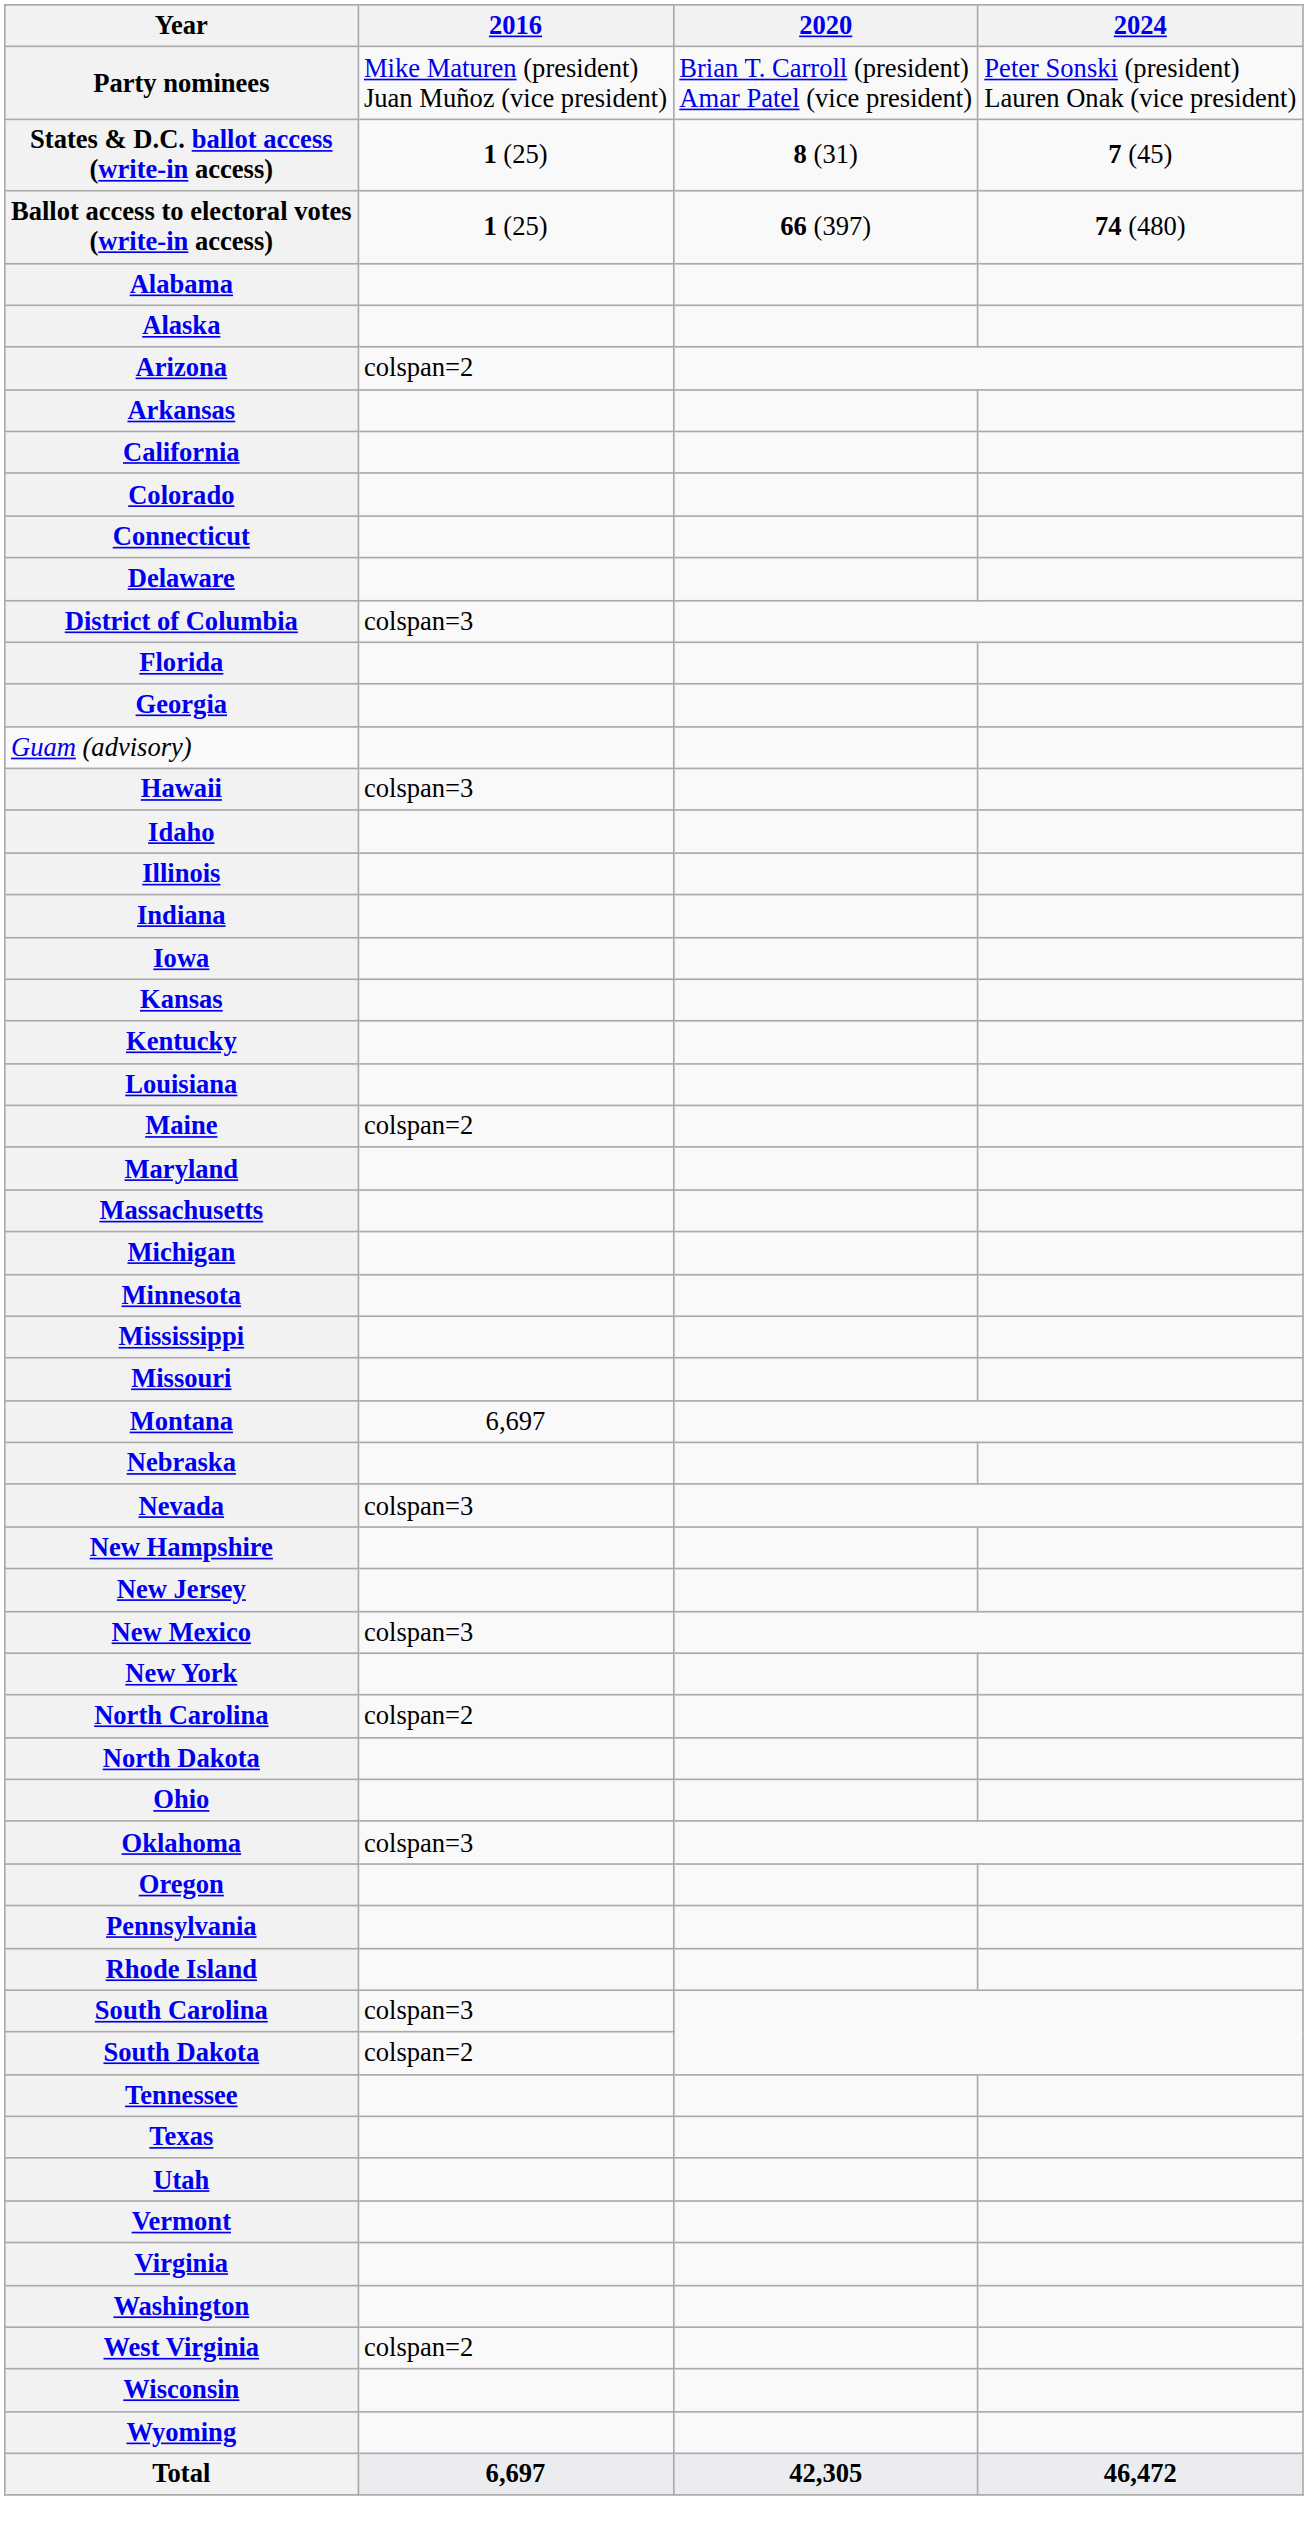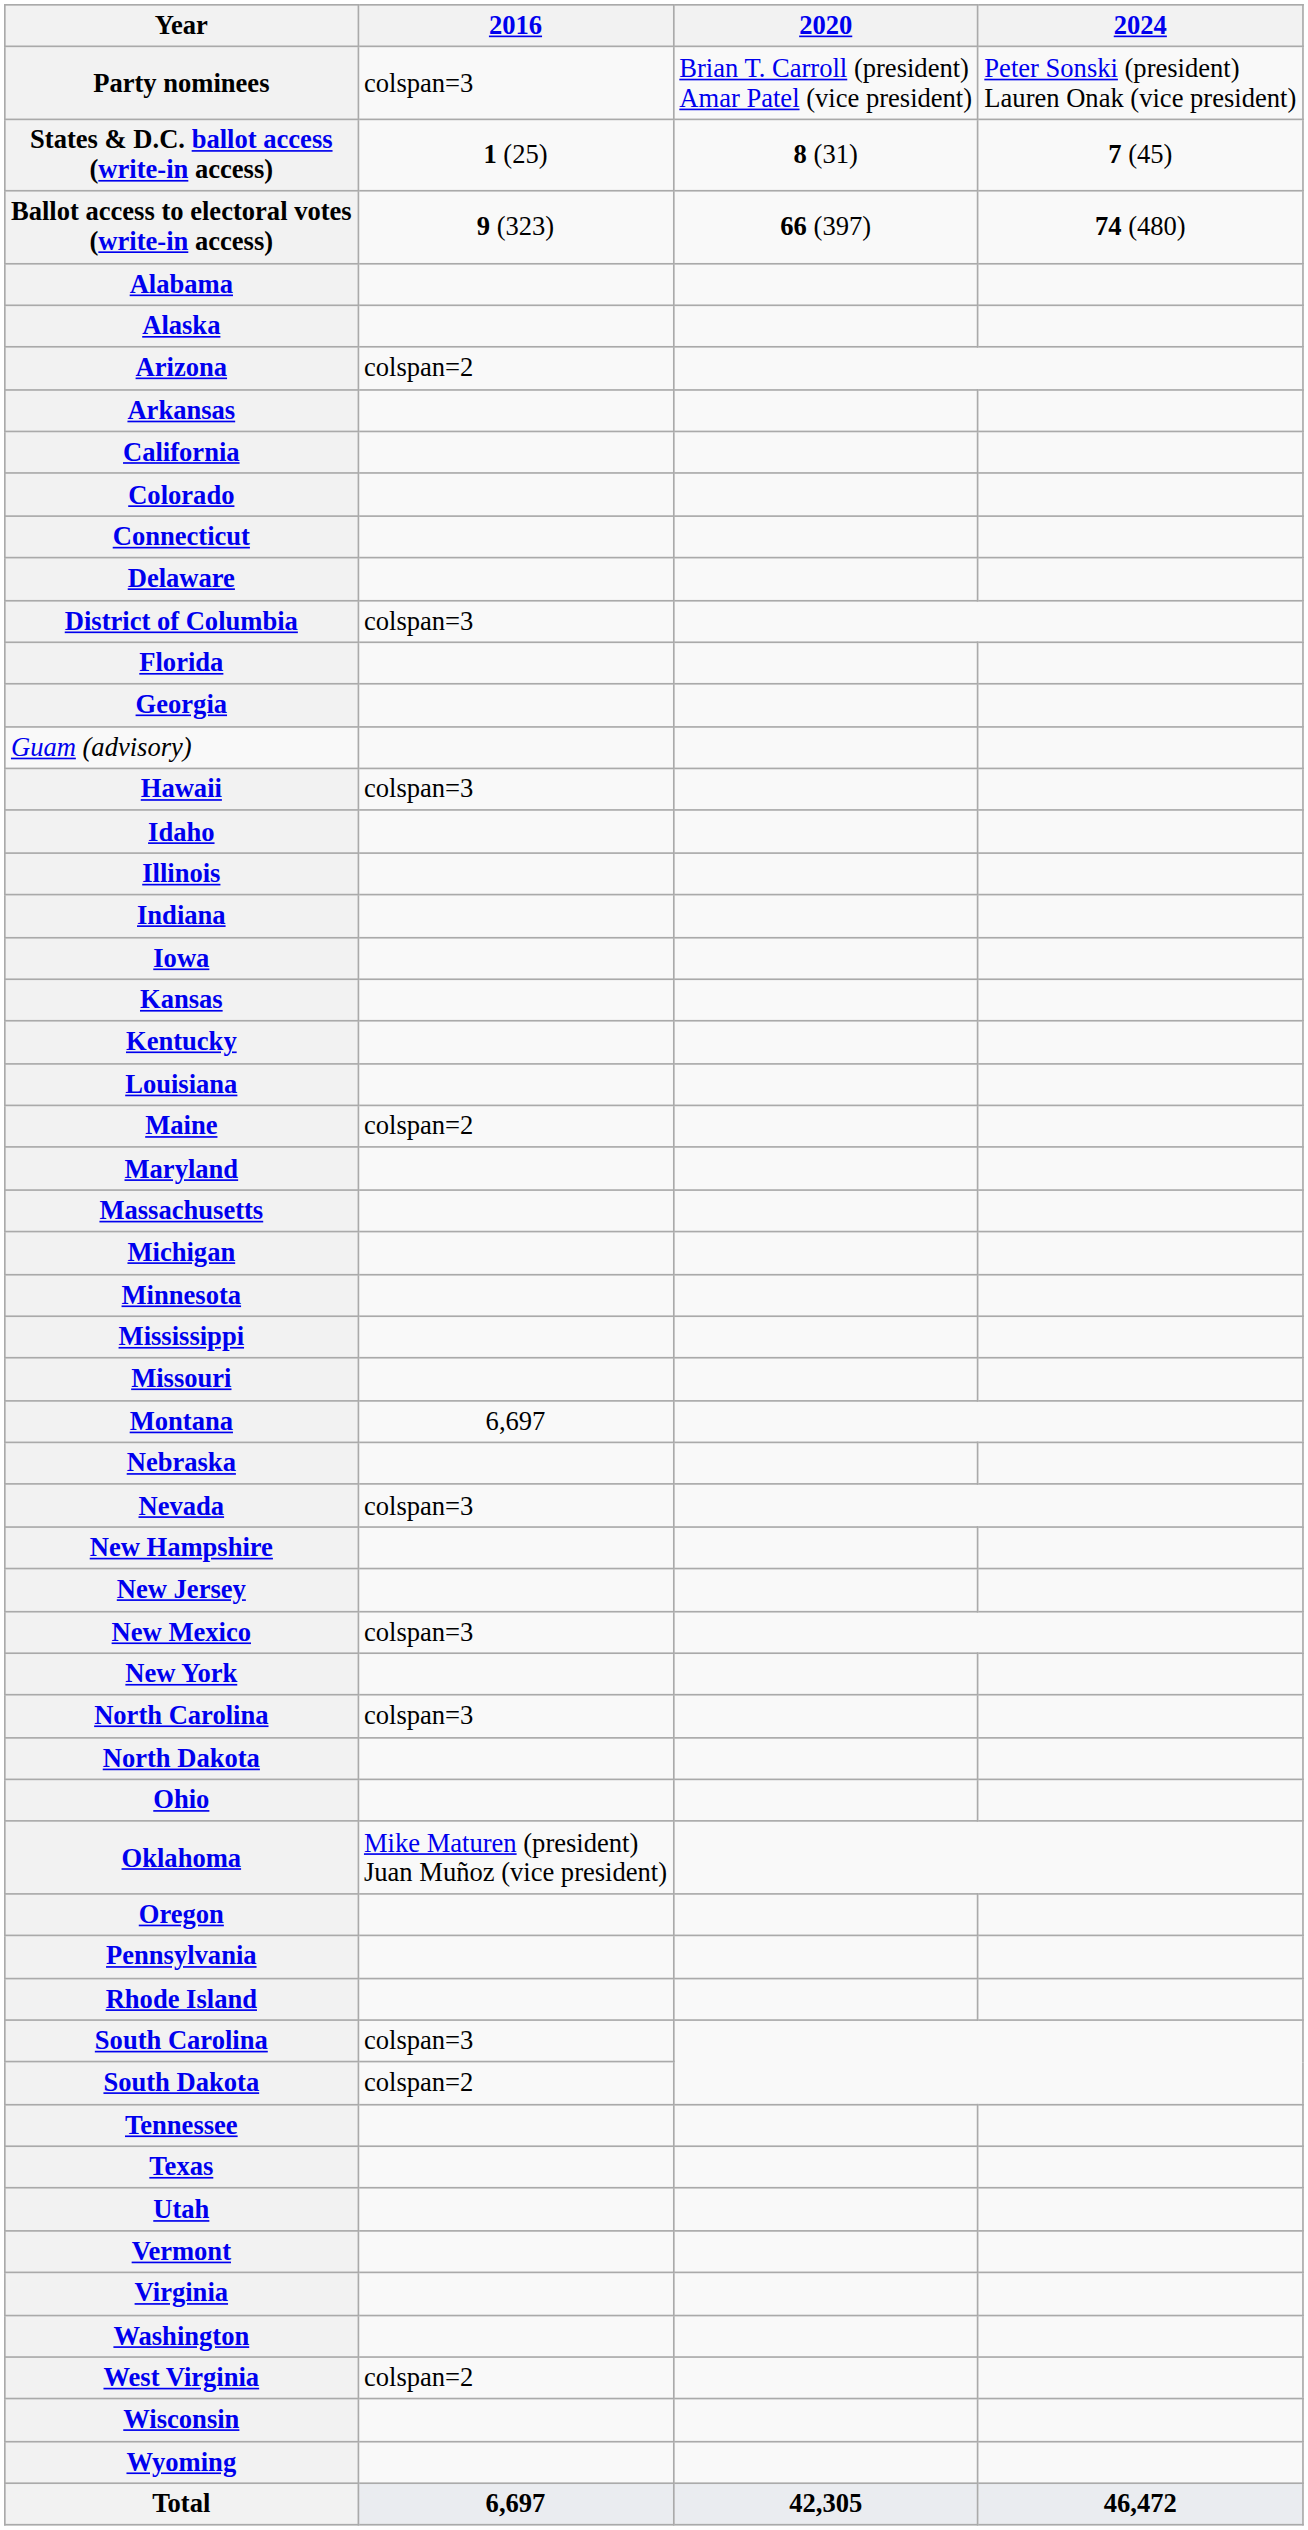 <table class="wikitable plainrowheaders">
 <tr>
 <th scope="col">Year</th>
 <th scope="col" style="text-align:center;"><a href='#'>2016</a></th>
 <th scope="col" style="text-align:center;"><a href='#'>2020</a></th>
 <th scope="col" style="text-align:center;"><a href='#'>2024</a></th>
 </tr>
 <tr>
 <th scope="row">Party nominees</th>
-<td><a href='#'>Mike Maturen</a> (president)<br>Juan Muñoz (vice president)</td>
+<td>colspan=3 </td>
 <td><a href='#'>Brian T. Carroll</a> (president)<br><a href='#'>Amar Patel</a> (vice president)</td>
 <td><a href='#'>Peter Sonski</a> (president)<br>Lauren Onak (vice president)</td>
 </tr>
 <tr>
 <th scope="row">States & D.C. <a href='#'>ballot access</a><br>(<a href='#'>write-in</a> access)</th>
 <td style="text-align:center;"><strong>1</strong> (25)</td>
 <td style="text-align:center;"><strong>8</strong> (31)</td>
 <td style="text-align:center;"><strong>7</strong> (45)</td>
 </tr>
 <tr>
 <th scope="row">Ballot access to electoral votes<br>(<a href='#'>write-in</a> access)</th>
-<td style="text-align:center;"><strong>1</strong> (25)</td>
+<td style="text-align:center;"><strong>9</strong> (323)</td>
 <td style="text-align:center;"><strong>66</strong> (397)</td>
 <td style="text-align:center;"><strong>74</strong> (480)</td>
 </tr>
 <tr>
 <th scope="row"><a href='#'>Alabama</a></th>
 <td></td>
 <td></td>
 <td></td>
 </tr>
 <tr>
 <th scope="row"><a href='#'>Alaska</a></th>
 <td></td>
 <td></td>
 <td></td>
 </tr>
 <tr>
 <th scope="row"><a href='#'>Arizona</a></th>
 <td>colspan=2 </td>
 </tr>
 <tr>
 <th scope="row"><a href='#'>Arkansas</a></th>
 <td></td>
 <td></td>
 <td></td>
 </tr>
 <tr>
 <th scope="row"><a href='#'>California</a></th>
 <td></td>
 <td></td>
 <td></td>
 </tr>
 <tr>
 <th scope="row"><a href='#'>Colorado</a></th>
 <td></td>
 <td></td>
 <td></td>
 </tr>
 <tr>
 <th scope="row"><a href='#'>Connecticut</a></th>
 <td></td>
 <td></td>
 <td></td>
 </tr>
 <tr>
 <th scope="row"><a href='#'>Delaware</a></th>
 <td></td>
 <td></td>
 <td></td>
 </tr>
 <tr>
 <th scope="row"><a href='#'>District of Columbia</a></th>
 <td>colspan=3 </td>
 </tr>
 <tr>
 <th scope="row"><a href='#'>Florida</a></th>
 <td></td>
 <td></td>
 <td></td>
 </tr>
 <tr>
 <th scope="row"><a href='#'>Georgia</a></th>
 <td></td>
 <td></td>
 <td></td>
 </tr>
 <tr>
 <td><em><a href='#'>Guam</a> (advisory)</em></td>
 <td></td>
 <td></td>
 <td></td>
 </tr>
 <tr>
 <th scope="row"><a href='#'>Hawaii</a></th>
 <td>colspan=3 </td>
 <td></td>
 </tr>
 <tr>
 <th scope="row"><a href='#'>Idaho</a></th>
 <td></td>
 <td></td>
 <td></td>
 </tr>
 <tr>
 <th scope="row"><a href='#'>Illinois</a></th>
 <td></td>
 <td></td>
 <td></td>
 </tr>
 <tr>
 <th scope="row"><a href='#'>Indiana</a></th>
 <td></td>
 <td></td>
 <td></td>
 </tr>
 <tr>
 <th scope="row"><a href='#'>Iowa</a></th>
 <td></td>
 <td></td>
 <td></td>
 </tr>
 <tr>
 <th scope="row"><a href='#'>Kansas</a></th>
 <td></td>
 <td></td>
 <td></td>
 </tr>
 <tr>
 <th scope="row"><a href='#'>Kentucky</a></th>
 <td></td>
 <td></td>
 <td></td>
 </tr>
 <tr>
 <th scope="row"><a href='#'>Louisiana</a></th>
 <td></td>
 <td></td>
 <td></td>
 </tr>
 <tr>
 <th scope="row"><a href='#'>Maine</a></th>
 <td>colspan=2 </td>
 <td></td>
 </tr>
 <tr>
 <th scope="row"><a href='#'>Maryland</a></th>
 <td></td>
 <td></td>
 <td></td>
 </tr>
 <tr>
 <th scope="row"><a href='#'>Massachusetts</a></th>
 <td></td>
 <td></td>
 <td></td>
 </tr>
 <tr>
 <th scope="row"><a href='#'>Michigan</a></th>
 <td></td>
 <td></td>
 <td></td>
 </tr>
 <tr>
 <th scope="row"><a href='#'>Minnesota</a></th>
 <td></td>
 <td></td>
 <td></td>
 </tr>
 <tr>
 <th scope="row"><a href='#'>Mississippi</a></th>
 <td></td>
 <td></td>
 <td></td>
 </tr>
 <tr>
 <th scope="row"><a href='#'>Missouri</a></th>
 <td></td>
 <td></td>
 <td></td>
 </tr>
 <tr>
 <th scope="row"><a href='#'>Montana</a></th>
 <td style=text-align:center>6,697</td>
 </tr>
 <tr>
 <th scope="row"><a href='#'>Nebraska</a></th>
 <td></td>
 <td></td>
 <td></td>
 </tr>
 <tr>
 <th scope="row"><a href='#'>Nevada</a></th>
 <td>colspan=3 </td>
 </tr>
 <tr>
 <th scope="row"><a href='#'>New Hampshire</a></th>
 <td></td>
 <td></td>
 <td></td>
 </tr>
 <tr>
 <th scope="row"><a href='#'>New Jersey</a></th>
 <td></td>
 <td></td>
 <td></td>
 </tr>
 <tr>
 <th scope="row"><a href='#'>New Mexico</a></th>
 <td>colspan=3 </td>
 </tr>
 <tr>
 <th scope="row"><a href='#'>New York</a></th>
 <td></td>
 <td></td>
 <td></td>
 </tr>
 <tr>
 <th scope="row"><a href='#'>North Carolina</a></th>
-<td>colspan=2 </td>
+<td>colspan=3 </td>
 <td></td>
 </tr>
 <tr>
 <th scope="row"><a href='#'>North Dakota</a></th>
 <td></td>
 <td></td>
 <td></td>
 </tr>
 <tr>
 <th scope="row"><a href='#'>Ohio</a></th>
 <td></td>
 <td></td>
 <td></td>
 </tr>
 <tr>
 <th scope="row"><a href='#'>Oklahoma</a></th>
-<td>colspan=3 </td>
+<td><a href='#'>Mike Maturen</a> (president)<br>Juan Muñoz (vice president)</td>
 </tr>
 <tr>
 <th scope="row"><a href='#'>Oregon</a></th>
 <td></td>
 <td></td>
 <td></td>
 </tr>
 <tr>
 <th scope="row"><a href='#'>Pennsylvania</a></th>
 <td></td>
 <td></td>
 <td></td>
 </tr>
 <tr>
 <th scope="row"><a href='#'>Rhode Island</a></th>
 <td></td>
 <td></td>
 <td></td>
 </tr>
 <tr>
 <th scope="row"><a href='#'>South Carolina</a></th>
 <td>colspan=3 </td>
 </tr>
 <tr>
 <th scope="row"><a href='#'>South Dakota</a></th>
 <td>colspan=2 </td>
 </tr>
 <tr>
 <th scope="row"><a href='#'>Tennessee</a></th>
 <td></td>
 <td></td>
 <td></td>
 </tr>
 <tr>
 <th scope="row"><a href='#'>Texas</a></th>
 <td></td>
 <td></td>
 <td></td>
 </tr>
 <tr>
 <th scope="row"><a href='#'>Utah</a></th>
 <td></td>
 <td></td>
 <td></td>
 </tr>
 <tr>
 <th scope="row"><a href='#'>Vermont</a></th>
 <td></td>
 <td></td>
 <td></td>
 </tr>
 <tr>
 <th scope="row"><a href='#'>Virginia</a></th>
 <td></td>
 <td></td>
 <td></td>
 </tr>
 <tr>
 <th scope="row"><a href='#'>Washington</a></th>
 <td></td>
 <td></td>
 <td></td>
 </tr>
 <tr>
 <th scope="row"><a href='#'>West Virginia</a></th>
 <td>colspan=2 </td>
 <td></td>
 </tr>
 <tr>
 <th scope="row"><a href='#'>Wisconsin</a></th>
 <td></td>
 <td></td>
 <td></td>
 </tr>
 <tr>
 <th scope="row"><a href='#'>Wyoming</a></th>
 <td></td>
 <td></td>
 <td></td>
 </tr>
 <tr class=sortbottom style="background:#EAECF0; font-weight:bold">
 <th scope="row">Total</th>
 <td style=text-align:center>6,697</td>
 <td style=text-align:center>42,305</td>
 <td style=text-align:center>46,472</td>
 </tr>
 </table>
